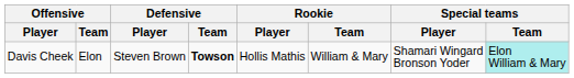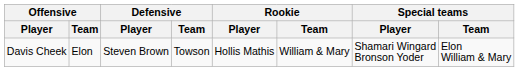 <table class="wikitable" border="1">
 <tr>
 <th colspan="2">Offensive</th>
 <th colspan="2">Defensive</th>
 <th colspan="2">Rookie</th>
 <th colspan="2">Special teams</th>
 </tr>
 <tr>
 <th>Player</th>
 <th>Team</th>
 <th>Player</th>
 <th>Team</th>
 <th>Player</th>
 <th>Team</th>
 <th>Player</th>
 <th>Team</th>
 </tr>
 <tr>
 <td>Davis Cheek</td>
 <td>Elon</td>
 <td>Steven Brown</td>
-<td><strong>Towson</strong></td>
+<td>Towson</td>
 <td>Hollis Mathis</td>
 <td>William & Mary</td>
 <td>Shamari Wingard<br>Bronson Yoder</td>
-<td style="background: paleturquoise;">Elon<br>William & Mary</td>
+<td>Elon<br>William & Mary</td>
 </tr>
 </table>
